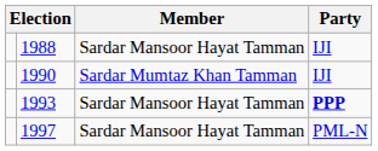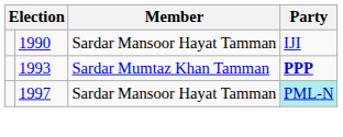 <table class="wikitable">
 <tr>
 <th colspan="2">Election</th>
 <th>Member</th>
 <th>Party</th>
 </tr>
 <tr>
 <td style="background-color: "></td>
-<td><a href='#'>1988</a></td>
+<td><a href='#'>1990</a></td>
 <td>Sardar Mansoor Hayat Tamman</td>
 <td><a href='#'>IJI</a></td>
 </tr>
 <tr>
 <td style="background-color: "></td>
-<td><a href='#'>1990</a></td>
+<td><a href='#'>1993</a></td>
 <td><a href='#'>Sardar Mumtaz Khan Tamman</a></td>
-<td><a href='#'>IJI</a></td>
-</tr>
-<tr>
-<td style="background-color: "></td>
-<td><a href='#'>1993</a></td>
-<td>Sardar Mansoor Hayat Tamman</td>
 <td><strong><a href='#'>PPP</a></strong></td>
 </tr>
 <tr>
 <td style="background-color: "></td>
 <td><a href='#'>1997</a></td>
 <td>Sardar Mansoor Hayat Tamman</td>
-<td><a href='#'>PML-N</a></td>
+<td style="background: paleturquoise;"><a href='#'>PML-N</a></td>
 </tr>
 </table>
